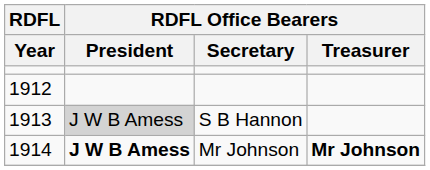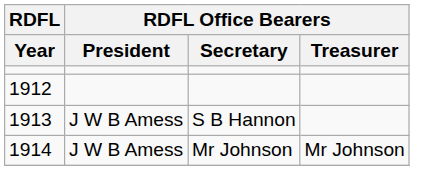 <table class="wikitable collapsible collapsed">
 <tr>
 <th>RDFL</th>
 <th colspan=9>RDFL Office Bearers</th>
 </tr>
 <tr>
 <th>Year</th>
 <th>President</th>
 <th>Secretary</th>
 <th>Treasurer</th>
 </tr>
 <tr>
 <td></td>
 <td></td>
 <td></td>
 <td></td>
 </tr>
 <tr>
 <td>1912</td>
 <td></td>
 <td></td>
 <td></td>
 </tr>
 <tr>
 <td>1913</td>
-<td style="background: lightgrey;">J W B Amess</td>
+<td>J W B Amess</td>
 <td>S B Hannon</td>
 <td></td>
 </tr>
 <tr>
 <td>1914</td>
-<td><strong>J W B Amess</strong></td>
+<td>J W B Amess</td>
 <td>Mr Johnson</td>
-<td><strong>Mr Johnson</strong></td>
+<td>Mr Johnson</td>
 </tr>
 <tr>
 </tr>
 </table>
